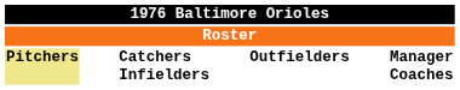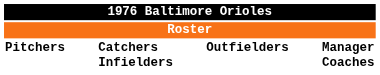 <table class="toccolours" style="font-size: 95%;">
 <tr>
 <th colspan="10" style="background-color: black; color: white; text-align: center;">1976 Baltimore Orioles</th>
 </tr>
 <tr>
 <td colspan="10" style="background-color: #F87217; color: white; text-align: center;"><strong>Roster</strong></td>
 </tr>
 <tr>
-<td valign="top" style="background: khaki;"><strong>Pitchers</strong><br>              </td>
+<td valign="top"><strong>Pitchers</strong><br>              </td>
 <td width="25px"></td>
 <td valign="top"><strong>Catchers</strong><br>   <strong>Infielders</strong>             </td>
 <td width="25px"></td>
 <td valign="top"><strong>Outfielders</strong><br>     </td>
 <td width="25px"></td>
 <td valign="top"><strong>Manager</strong><br> <strong>Coaches</strong>    </td>
 </tr>
 </table>
